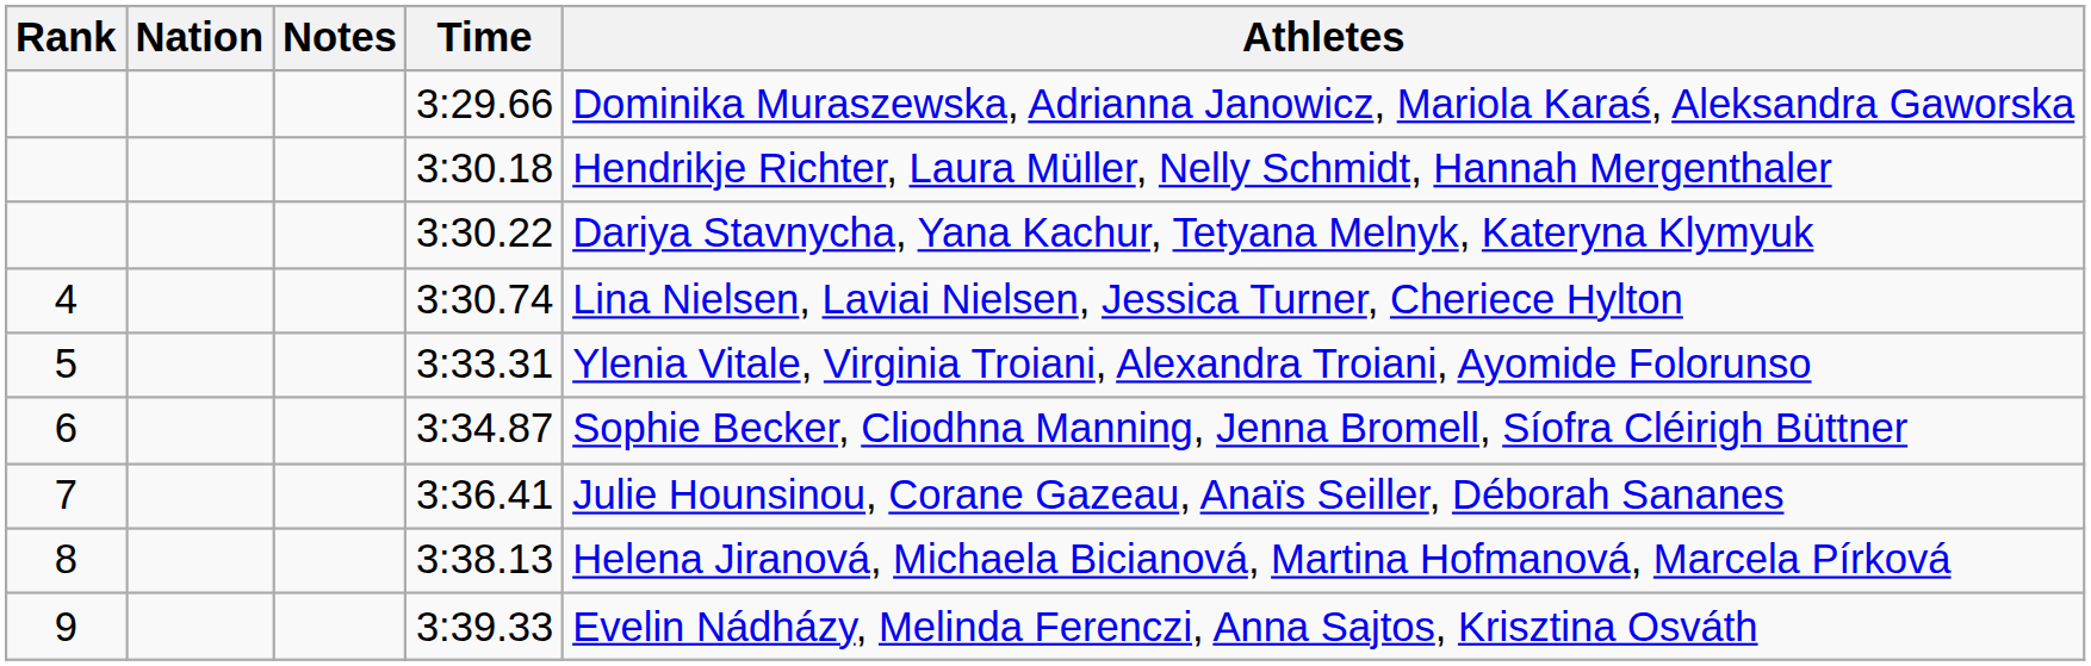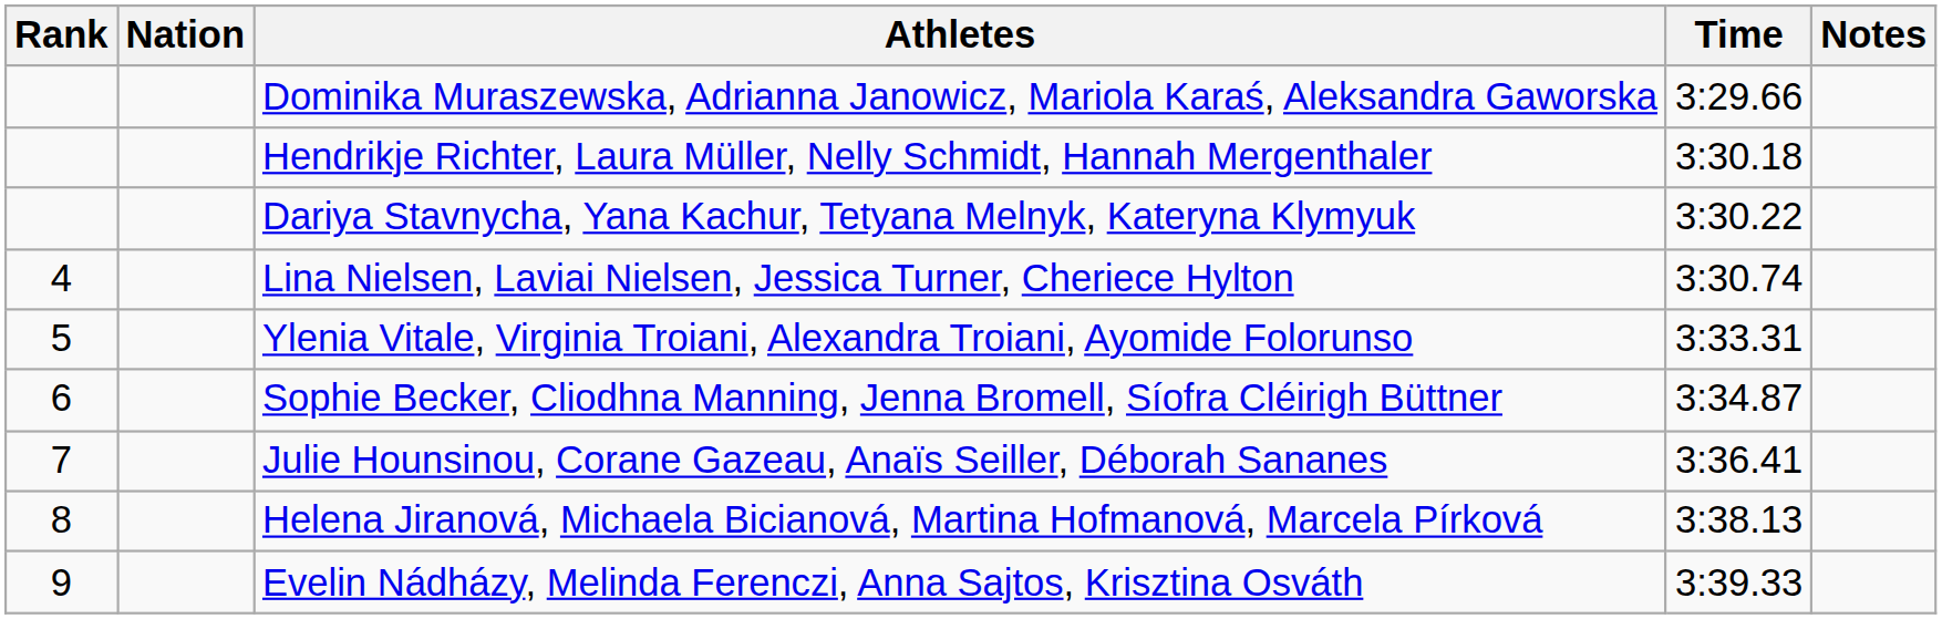 <table class="wikitable sortable" style="text-align:center">
 <tr>
 <th>Rank</th>
 <th>Nation</th>
+<th>Athletes</th>
+<th>Time</th>
 <th>Notes</th>
-<th>Time</th>
-<th>Athletes</th>
 </tr>
 <tr>
 <td></td>
 <td align=left></td>
+<td align=left><a href='#'>Dominika Muraszewska</a>, <a href='#'>Adrianna Janowicz</a>, <a href='#'>Mariola Karaś</a>, <a href='#'>Aleksandra Gaworska</a></td>
+<td>3:29.66</td>
 <td></td>
-<td>3:29.66</td>
-<td align=left><a href='#'>Dominika Muraszewska</a>, <a href='#'>Adrianna Janowicz</a>, <a href='#'>Mariola Karaś</a>, <a href='#'>Aleksandra Gaworska</a></td>
 </tr>
 <tr>
 <td></td>
 <td align=left></td>
+<td align=left><a href='#'>Hendrikje Richter</a>, <a href='#'>Laura Müller</a>, <a href='#'>Nelly Schmidt</a>, <a href='#'>Hannah Mergenthaler</a></td>
+<td>3:30.18</td>
 <td></td>
-<td>3:30.18</td>
-<td align=left><a href='#'>Hendrikje Richter</a>, <a href='#'>Laura Müller</a>, <a href='#'>Nelly Schmidt</a>, <a href='#'>Hannah Mergenthaler</a></td>
 </tr>
 <tr>
 <td></td>
 <td align=left></td>
+<td align=left><a href='#'>Dariya Stavnycha</a>, <a href='#'>Yana Kachur</a>, <a href='#'>Tetyana Melnyk</a>, <a href='#'>Kateryna Klymyuk</a></td>
+<td>3:30.22</td>
 <td></td>
-<td>3:30.22</td>
-<td align=left><a href='#'>Dariya Stavnycha</a>, <a href='#'>Yana Kachur</a>, <a href='#'>Tetyana Melnyk</a>, <a href='#'>Kateryna Klymyuk</a></td>
 </tr>
 <tr>
 <td>4</td>
 <td align=left></td>
+<td align=left><a href='#'>Lina Nielsen</a>, <a href='#'>Laviai Nielsen</a>, <a href='#'>Jessica Turner</a>, <a href='#'>Cheriece Hylton</a></td>
+<td>3:30.74</td>
 <td></td>
-<td>3:30.74</td>
-<td align=left><a href='#'>Lina Nielsen</a>, <a href='#'>Laviai Nielsen</a>, <a href='#'>Jessica Turner</a>, <a href='#'>Cheriece Hylton</a></td>
 </tr>
 <tr>
 <td>5</td>
 <td align=left></td>
+<td align=left><a href='#'>Ylenia Vitale</a>, <a href='#'>Virginia Troiani</a>, <a href='#'>Alexandra Troiani</a>, <a href='#'>Ayomide Folorunso</a></td>
+<td>3:33.31</td>
 <td></td>
-<td>3:33.31</td>
-<td align=left><a href='#'>Ylenia Vitale</a>, <a href='#'>Virginia Troiani</a>, <a href='#'>Alexandra Troiani</a>, <a href='#'>Ayomide Folorunso</a></td>
 </tr>
 <tr>
 <td>6</td>
 <td align=left></td>
+<td align=left><a href='#'>Sophie Becker</a>, <a href='#'>Cliodhna Manning</a>, <a href='#'>Jenna Bromell</a>, <a href='#'>Síofra Cléirigh Büttner</a></td>
+<td>3:34.87</td>
 <td></td>
-<td>3:34.87</td>
-<td align=left><a href='#'>Sophie Becker</a>, <a href='#'>Cliodhna Manning</a>, <a href='#'>Jenna Bromell</a>, <a href='#'>Síofra Cléirigh Büttner</a></td>
 </tr>
 <tr>
 <td>7</td>
 <td align=left></td>
+<td align=left><a href='#'>Julie Hounsinou</a>, <a href='#'>Corane Gazeau</a>, <a href='#'>Anaïs Seiller</a>, <a href='#'>Déborah Sananes</a></td>
+<td>3:36.41</td>
 <td></td>
-<td>3:36.41</td>
-<td align=left><a href='#'>Julie Hounsinou</a>, <a href='#'>Corane Gazeau</a>, <a href='#'>Anaïs Seiller</a>, <a href='#'>Déborah Sananes</a></td>
 </tr>
 <tr>
 <td>8</td>
 <td align=left></td>
+<td align=left><a href='#'>Helena Jiranová</a>, <a href='#'>Michaela Bicianová</a>, <a href='#'>Martina Hofmanová</a>, <a href='#'>Marcela Pírková</a></td>
+<td>3:38.13</td>
 <td></td>
-<td>3:38.13</td>
-<td align=left><a href='#'>Helena Jiranová</a>, <a href='#'>Michaela Bicianová</a>, <a href='#'>Martina Hofmanová</a>, <a href='#'>Marcela Pírková</a></td>
 </tr>
 <tr>
 <td>9</td>
 <td align=left></td>
+<td align=left><a href='#'>Evelin Nádházy</a>, <a href='#'>Melinda Ferenczi</a>, <a href='#'>Anna Sajtos</a>, <a href='#'>Krisztina Osváth</a></td>
+<td>3:39.33</td>
 <td></td>
-<td>3:39.33</td>
-<td align=left><a href='#'>Evelin Nádházy</a>, <a href='#'>Melinda Ferenczi</a>, <a href='#'>Anna Sajtos</a>, <a href='#'>Krisztina Osváth</a></td>
 </tr>
 </table>
